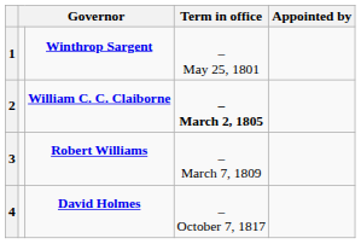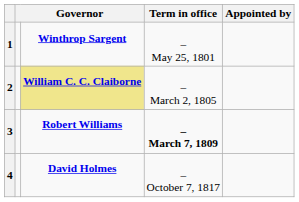 <table class="wikitable sortable" style="text-align:center;">
 <tr>
 <th scope="col" data-sort-type="number"></th>
 <th scope="colgroup" colspan="2">Governor</th>
 <th scope="col">Term in office</th>
 <th scope="col">Appointed by</th>
 </tr>
 <tr style="height:2em;">
 <th scope="row">1</th>
 <td data-sort-value="Sargent, Winthrop"></td>
 <td><strong><a href='#'>Winthrop Sargent</a></strong><br><br></td>
 <td><br>–<br>May 25, 1801<br></td>
 <td></td>
 </tr>
 <tr style="height:2em;">
 <th scope="row">2</th>
 <td data-sort-value="Claiborne, William"></td>
-<td><strong><a href='#'>William C. C. Claiborne</a></strong><br><br></td>
-<td><strong><br>–<br>March 2, 1805<br></strong></td>
+<td style="background: khaki;"><strong><a href='#'>William C. C. Claiborne</a></strong><br><br></td>
+<td><br>–<br>March 2, 1805<br></td>
 <td></td>
 </tr>
 <tr style="height:2em;">
 <th scope="row">3</th>
 <td data-sort-value="Williams, Robert"></td>
 <td><strong><a href='#'>Robert Williams</a></strong><br><br></td>
-<td><br>–<br>March 7, 1809<br></td>
+<td><strong><br>–<br>March 7, 1809<br></strong></td>
 <td></td>
 </tr>
 <tr style="height:2em;">
 <th scope="row">4</th>
 <td data-sort-value="Holmes, David"></td>
 <td><strong><a href='#'>David Holmes</a></strong><br><br></td>
 <td><br>–<br>October 7, 1817<br></td>
 <td></td>
 </tr>
 </table>
